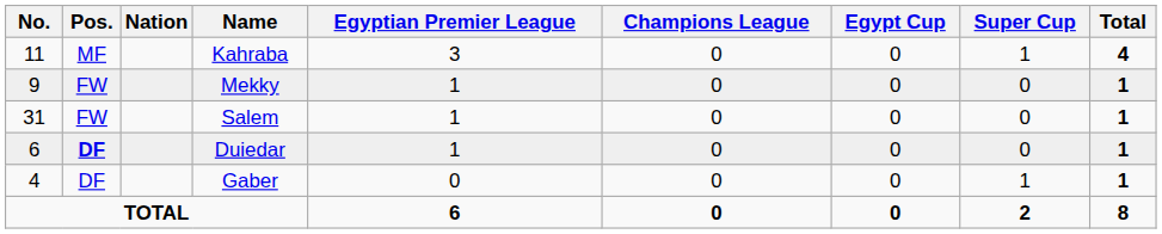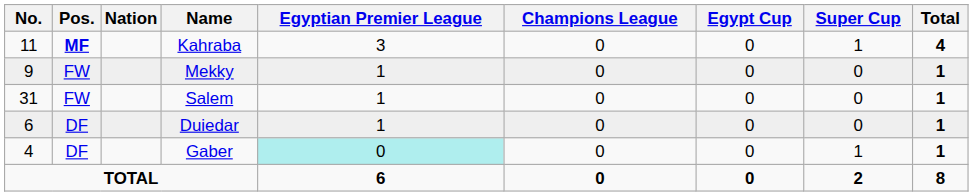 <table class="wikitable sortable" style="font-size: 95%; text-align: center">
 <tr>
 <th width="5%"><strong>No.</strong></th>
 <th width="5%"><strong>Pos.</strong></th>
 <th width="5%"><strong>Nation</strong></th>
 <th width="10%"><strong>Name</strong></th>
 <th><a href='#'>Egyptian Premier League</a></th>
 <th><a href='#'>Champions League</a></th>
 <th><a href='#'>Egypt Cup</a></th>
 <th><a href='#'>Super Cup</a></th>
 <th>Total</th>
 </tr>
 <tr>
 <td>11</td>
-<td><a href='#'>MF</a></td>
+<td><strong><a href='#'>MF</a></strong></td>
 <td></td>
 <td><a href='#'>Kahraba</a></td>
 <td>3 </td>
 <td>0 </td>
 <td>0 </td>
 <td>1 </td>
 <td><strong>4</strong> </td>
 </tr>
 <tr bgcolor="#EFEFEF">
 <td>9</td>
 <td><a href='#'>FW</a></td>
 <td></td>
 <td><a href='#'>Mekky</a></td>
 <td>1 </td>
 <td>0 </td>
 <td>0 </td>
 <td>0 </td>
 <td><strong>1</strong> </td>
 </tr>
 <tr>
 <td>31</td>
 <td><a href='#'>FW</a></td>
 <td></td>
 <td><a href='#'>Salem</a></td>
 <td>1 </td>
 <td>0 </td>
 <td>0 </td>
 <td>0 </td>
 <td><strong>1</strong> </td>
 </tr>
 <tr bgcolor="#EFEFEF">
 <td>6</td>
-<td><strong><a href='#'>DF</a></strong></td>
+<td><a href='#'>DF</a></td>
 <td></td>
 <td><a href='#'>Duiedar</a></td>
 <td>1 </td>
 <td>0 </td>
 <td>0 </td>
 <td>0 </td>
 <td><strong>1</strong> </td>
 </tr>
 <tr>
 <td>4</td>
 <td><a href='#'>DF</a></td>
 <td></td>
 <td><a href='#'>Gaber</a></td>
-<td>0 </td>
+<td style="background: paleturquoise;">0 </td>
 <td>0 </td>
 <td>0 </td>
 <td>1 </td>
 <td><strong>1</strong> </td>
 </tr>
 <tr>
 <td colspan=4><strong>TOTAL</strong></td>
 <td><strong>6</strong> </td>
 <td><strong>0</strong> </td>
 <td><strong>0</strong> </td>
 <td><strong>2</strong> </td>
 <td><strong>8</strong> </td>
 </tr>
 </table>
